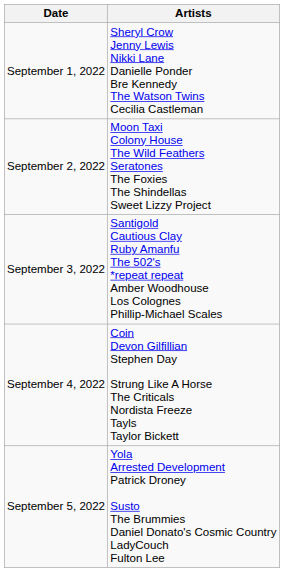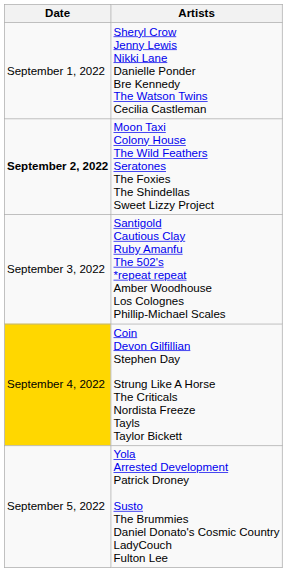 <table class="wikitable">
 <tr>
 <th>Date</th>
 <th>Artists</th>
 </tr>
 <tr>
 <td>September 1, 2022 </td>
 <td><a href='#'>Sheryl Crow</a> <br> <a href='#'>Jenny Lewis</a> <br> <a href='#'>Nikki Lane</a> <br> Danielle Ponder <br> Bre Kennedy <br> <a href='#'>The Watson Twins</a> <br> Cecilia Castleman</td>
 </tr>
 <tr>
-<td>September 2, 2022 </td>
+<td><strong>September 2, 2022 </strong></td>
 <td><a href='#'>Moon Taxi</a><br><a href='#'>Colony House</a><br><a href='#'>The Wild Feathers</a><br><a href='#'>Seratones</a><br>The Foxies<br>The Shindellas<br>Sweet Lizzy Project</td>
 </tr>
 <tr>
 <td>September 3, 2022 </td>
 <td><a href='#'>Santigold</a><br><a href='#'>Cautious Clay</a><br><a href='#'>Ruby Amanfu</a><br><a href='#'>The 502's</a><br> <a href='#'>*repeat repeat</a> <br>Amber Woodhouse<br>Los Colognes<br>Phillip-Michael Scales</td>
 </tr>
 <tr>
-<td>September 4, 2022 </td>
+<td style="background: gold;">September 4, 2022 </td>
 <td><a href='#'>Coin</a><br><a href='#'>Devon Gilfillian</a><br>Stephen Day<br><br>Strung Like A Horse<br> The Criticals<br> Nordista Freeze<br> Tayls<br> Taylor Bickett<br></td>
 </tr>
 <tr>
 <td>September 5, 2022 </td>
 <td><a href='#'>Yola</a><br><a href='#'>Arrested Development</a><br>Patrick Droney<br><br><a href='#'>Susto</a><br> The Brummies<br> Daniel Donato's Cosmic Country<br> LadyCouch<br> Fulton Lee<br></td>
 </tr>
 </table>
